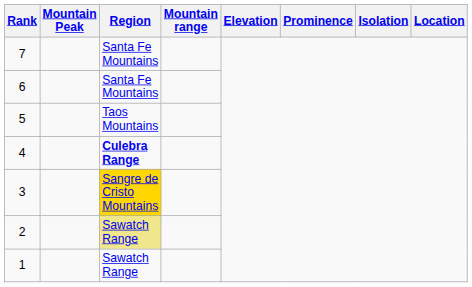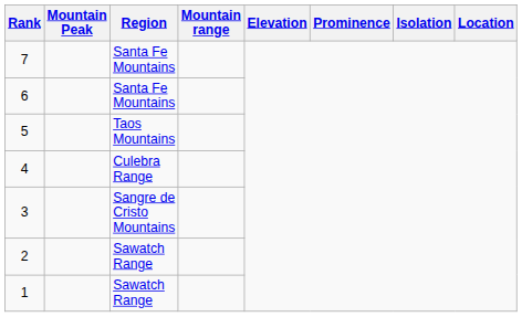 <table class="wikitable sortable">
 <tr>
 <th><a href='#'>Rank</a></th>
 <th><a href='#'>Mountain Peak</a></th>
 <th><a href='#'>Region</a></th>
 <th><a href='#'>Mountain range</a></th>
 <th><a href='#'>Elevation</a></th>
 <th><a href='#'>Prominence</a></th>
 <th><a href='#'>Isolation</a></th>
 <th><a href='#'>Location</a></th>
 </tr>
 <tr>
 <td align=center>7<br></td>
 <td></td>
 <td><a href='#'>Santa Fe Mountains</a><br></td>
 <td></td>
 </tr>
 <tr>
 <td align=center>6<br></td>
 <td></td>
 <td><a href='#'>Santa Fe Mountains</a><br></td>
 <td></td>
 </tr>
 <tr>
 <td align=center>5<br></td>
 <td></td>
 <td><a href='#'>Taos Mountains</a><br></td>
 <td></td>
 </tr>
 <tr>
 <td align=center>4<br></td>
 <td></td>
-<td><strong><a href='#'>Culebra Range</a><br></strong></td>
+<td><a href='#'>Culebra Range</a><br></td>
 <td></td>
 </tr>
 <tr>
 <td align=center>3<br></td>
 <td></td>
-<td style="background: gold;"><a href='#'>Sangre de Cristo Mountains</a><br></td>
+<td><a href='#'>Sangre de Cristo Mountains</a><br></td>
 <td></td>
 </tr>
 <tr>
 <td align=center>2<br></td>
 <td></td>
-<td style="background: khaki;"><a href='#'>Sawatch Range</a><br></td>
+<td><a href='#'>Sawatch Range</a><br></td>
 <td></td>
 </tr>
 <tr>
 <td align=center>1<br></td>
 <td></td>
 <td><a href='#'>Sawatch Range</a><br></td>
 <td></td>
 </tr>
 </table>
